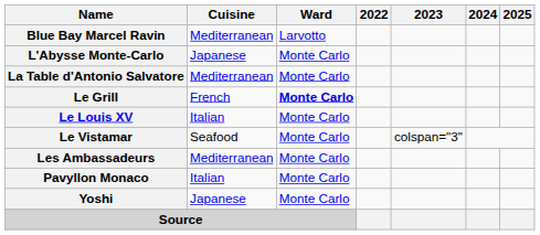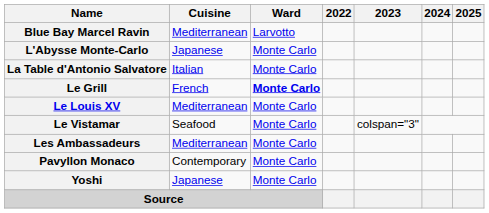 <table class="wikitable sortable plainrowheaders" style="text-align:left;"">
 <tr>
 <th scope="col">Name</th>
 <th scope="col">Cuisine</th>
 <th scope="col">Ward</th>
 <th scope="col">2022</th>
 <th scope="col">2023</th>
 <th scope="col">2024</th>
 <th scope="col">2025</th>
 </tr>
 <tr>
 <th scope="row">Blue Bay Marcel Ravin</th>
 <td><a href='#'>Mediterranean</a></td>
 <td><a href='#'>Larvotto</a></td>
 <td></td>
 <td></td>
 <td></td>
 <td></td>
 </tr>
 <tr>
 <th scope="row">L'Abysse Monte-Carlo</th>
 <td><a href='#'>Japanese</a></td>
 <td><a href='#'>Monte Carlo</a></td>
 <td></td>
 <td></td>
 <td></td>
 <td></td>
 </tr>
 <tr>
 <th scope="row">La Table d'Antonio Salvatore</th>
-<td><a href='#'>Mediterranean</a></td>
+<td><a href='#'>Italian</a></td>
 <td><a href='#'>Monte Carlo</a></td>
 <td></td>
 <td></td>
 <td></td>
 <td></td>
 </tr>
 <tr>
 <th scope="row">Le Grill</th>
 <td><a href='#'>French</a></td>
 <td><strong><a href='#'>Monte Carlo</a></strong></td>
 <td></td>
 <td></td>
 <td></td>
 <td></td>
 </tr>
 <tr>
 <th scope="row"><a href='#'>Le Louis XV</a></th>
-<td><a href='#'>Italian</a></td>
+<td><a href='#'>Mediterranean</a></td>
 <td><a href='#'>Monte Carlo</a></td>
 <td></td>
 <td></td>
 <td></td>
 <td></td>
 </tr>
 <tr>
 <th scope="row">Le Vistamar</th>
 <td>Seafood</td>
 <td><a href='#'>Monte Carlo</a></td>
 <td></td>
 <td>colspan="3" </td>
 </tr>
 <tr>
 <th scope="row">Les Ambassadeurs</th>
 <td><a href='#'>Mediterranean</a></td>
 <td><a href='#'>Monte Carlo</a></td>
 <td></td>
 <td></td>
 <td></td>
 <td></td>
 </tr>
 <tr>
 <th scope="row">Pavyllon Monaco</th>
-<td><a href='#'>Italian</a></td>
+<td>Contemporary</td>
 <td><a href='#'>Monte Carlo</a></td>
 <td></td>
 <td></td>
 <td></td>
 <td></td>
 </tr>
 <tr>
 <th scope="row">Yoshi</th>
 <td><a href='#'>Japanese</a></td>
 <td><a href='#'>Monte Carlo</a></td>
 <td></td>
 <td></td>
 <td></td>
 <td></td>
 </tr>
 <tr>
 <th colspan="3" style="text-align: center;background: lightgray;">Source</th>
 <th></th>
 <th></th>
 <th></th>
 <th></th>
 </tr>
 </table>
